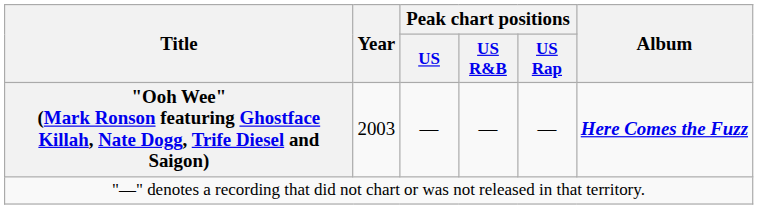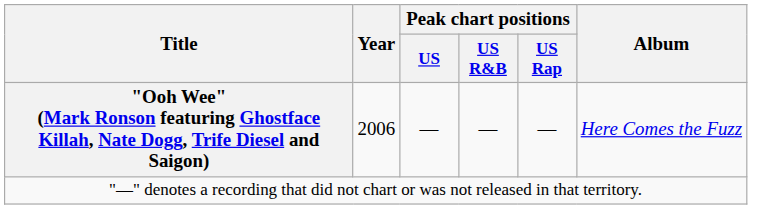 <table class="wikitable plainrowheaders" style="text-align:center;">
 <tr>
 <th scope="col" rowspan="2" style="width:18em;">Title</th>
 <th scope="col" rowspan="2">Year</th>
 <th scope="col" colspan="3">Peak chart positions</th>
 <th scope="col" rowspan="2">Album</th>
 </tr>
 <tr>
 <th scope="col" style="width:3em;font-size:90%;"><a href='#'>US</a><br></th>
 <th scope="col" style="width:3em;font-size:90%;"><a href='#'>US R&B</a><br></th>
 <th scope="col" style="width:3em;font-size:90%;"><a href='#'>US Rap</a><br></th>
 </tr>
 <tr>
 <th scope="row">"Ooh Wee"<br><span>(<a href='#'>Mark Ronson</a> featuring <a href='#'>Ghostface Killah</a>, <a href='#'>Nate Dogg</a>, <a href='#'>Trife Diesel</a> and Saigon)</span></th>
-<td>2003</td>
+<td>2006</td>
 <td>—</td>
 <td>—</td>
 <td>—</td>
-<td><strong><em><a href='#'>Here Comes the Fuzz</a></em></strong></td>
+<td><em><a href='#'>Here Comes the Fuzz</a></em></td>
 </tr>
 <tr>
 <td colspan="13" style="font-size:90%">"—" denotes a recording that did not chart or was not released in that territory.</td>
 </tr>
 </table>
